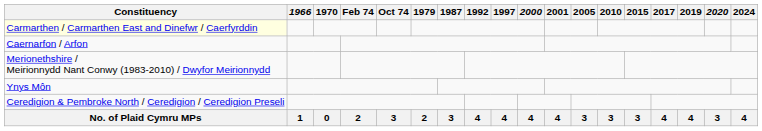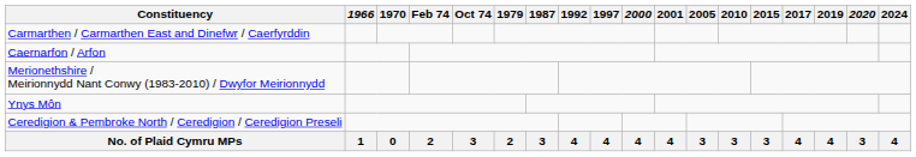 <table class="wikitable">
 <tr>
 <th>Constituency</th>
 <th><em>1966</em></th>
 <th>1970</th>
 <th>Feb 74</th>
 <th>Oct 74</th>
 <th>1979</th>
 <th>1987</th>
 <th>1992</th>
 <th>1997</th>
 <th><em>2000</em></th>
 <th>2001</th>
 <th>2005</th>
 <th>2010</th>
 <th>2015</th>
 <th>2017</th>
 <th>2019</th>
 <th><em>2020</em></th>
 <th>2024</th>
 </tr>
 <tr>
-<td style="background: lightyellow;"><a href='#'>Carmarthen</a> / <a href='#'>Carmarthen East and Dinefwr</a> / <a href='#'>Caerfyrddin</a></td>
+<td><a href='#'>Carmarthen</a> / <a href='#'>Carmarthen East and Dinefwr</a> / <a href='#'>Caerfyrddin</a></td>
 <td><a href='#'></a></td>
 <td colspan="2"></td>
 <td><a href='#'></a></td>
 <td colspan="5"></td>
 <td colspan="2"><a href='#'></a></td>
 <td colspan="4"><a href='#'></a></td>
 <td colspan="1"></td>
 <td colspan="1"><a href='#'></a></td>
 </tr>
 <tr>
 <td><a href='#'>Caernarfon</a> / <a href='#'>Arfon</a></td>
 <td colspan="2"></td>
 <td colspan="7"><a href='#'></a></td>
 <td colspan="7"><a href='#'></a></td>
 </tr>
 <tr>
 <td><a href='#'>Merionethshire</a> /<br> Meirionnydd Nant Conwy (1983-2010) / <a href='#'>Dwyfor Meirionnydd</a></td>
 <td colspan="2"></td>
 <td colspan="4"><a href='#'></a></td>
 <td colspan="6"><a href='#'></a></td>
 <td colspan="5"><a href='#'></a></td>
 </tr>
 <tr>
 <td><a href='#'>Ynys Môn</a></td>
 <td colspan="5"></td>
 <td colspan="4"><a href='#'></a></td>
 <td colspan="7"></td>
 <td colspan="1"><a href='#'></a></td>
 </tr>
 <tr>
 <td><a href='#'>Ceredigion & Pembroke North</a> / <a href='#'>Ceredigion</a> / <a href='#'>Ceredigion Preseli</a></td>
 <td colspan="6"></td>
 <td colspan="2"><a href='#'></a></td>
 <td colspan="2"><a href='#'></a></td>
 <td colspan="3"></td>
 <td colspan="4"><a href='#'></a></td>
 </tr>
 <tr>
 <th>No. of Plaid Cymru MPs</th>
 <th>1</th>
 <th>0</th>
 <th>2</th>
 <th>3</th>
 <th>2</th>
 <th>3</th>
 <th>4</th>
 <th>4</th>
 <th>4</th>
 <th>4</th>
 <th>3</th>
 <th>3</th>
 <th>3</th>
 <th>4</th>
 <th>4</th>
 <th>3</th>
 <th>4</th>
 </tr>
 </table>
